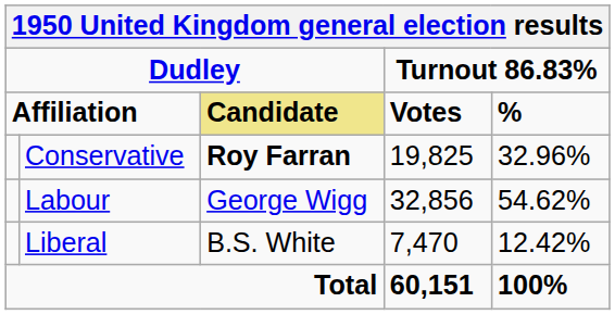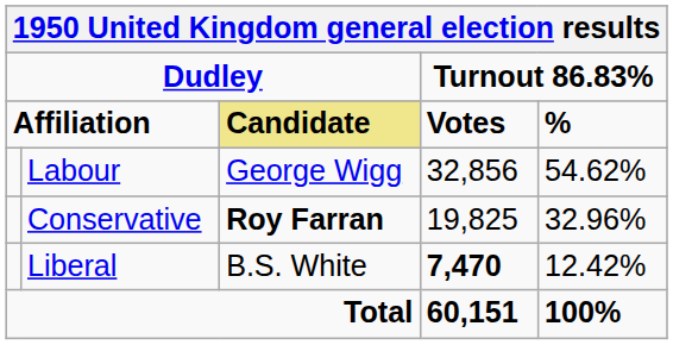 <table class="wikitable collapsible collapsed" style="float:right;">
 <tr>
 <th colspan=5><a href='#'>1950 United Kingdom general election</a> results</th>
 </tr>
 <tr>
 <td colspan="3" style="text-align:center;"><strong><a href='#'>Dudley</a></strong></td>
 <td colspan="2" style="text-align:center;"><span><strong>Turnout 86.83%</strong></span></td>
 </tr>
 <tr>
 <td colspan="2" style="text-align:left; vertical-align:top;"><strong>Affiliation</strong></td>
 <td valign="top" style="background: khaki;"><strong>Candidate</strong></td>
 <td valign="top"><strong>Votes</strong></td>
 <td valign="top"><strong>%</strong></td>
 </tr>
 <tr>
 <td style="background-color: "></td>
+<td><a href='#'>Labour</a></td>
+<td><a href='#'>George Wigg</a></td>
+<td>32,856</td>
+<td>54.62%</td>
+</tr>
+<tr>
+<td style="background-color: "></td>
 <td><a href='#'>Conservative</a></td>
 <td><strong>Roy Farran</strong></td>
 <td>19,825</td>
 <td>32.96%</td>
 </tr>
 <tr>
 <td style="background-color: "></td>
-<td><a href='#'>Labour</a></td>
-<td><a href='#'>George Wigg</a></td>
-<td>32,856</td>
-<td>54.62%</td>
-</tr>
-<tr>
-<td style="background-color: "></td>
 <td><a href='#'>Liberal</a></td>
 <td>B.S. White</td>
-<td>7,470</td>
+<td><strong>7,470</strong></td>
 <td>12.42%</td>
 </tr>
 <tr>
 <td colspan="3" style="text-align:right;"><strong>Total</strong></td>
 <td><strong>60,151</strong></td>
 <td><strong>100%</strong></td>
 </tr>
 </table>
